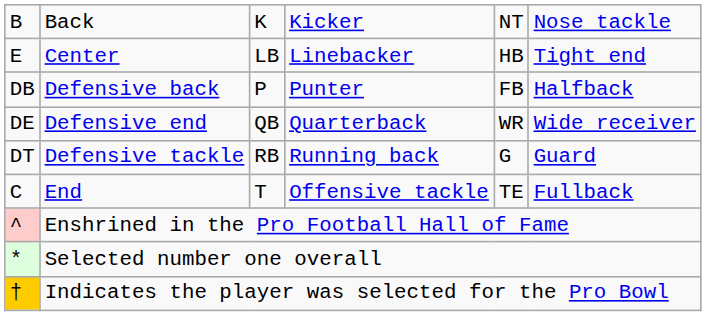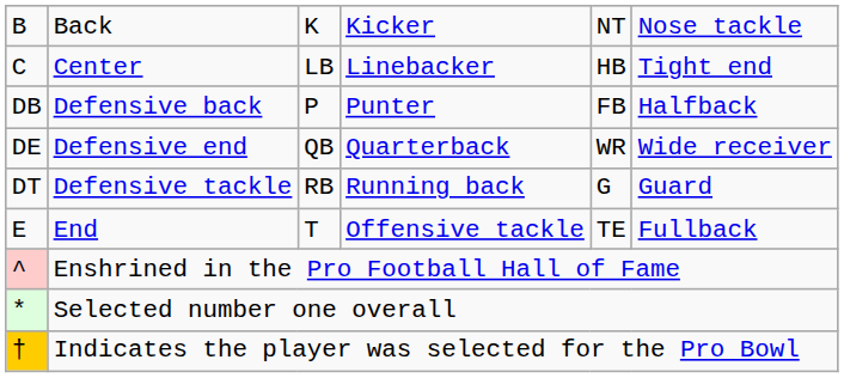 <table class="wikitable">
 <tr>
 <td>B</td>
 <td>Back</td>
 <td>K</td>
 <td><a href='#'>Kicker</a></td>
 <td>NT</td>
 <td><a href='#'>Nose tackle</a></td>
 </tr>
 <tr>
-<td>E</td>
+<td>C</td>
 <td><a href='#'>Center</a></td>
 <td>LB</td>
 <td><a href='#'>Linebacker</a></td>
 <td>HB</td>
 <td><a href='#'>Tight end</a></td>
 </tr>
 <tr>
 <td>DB</td>
 <td><a href='#'>Defensive back</a></td>
 <td>P</td>
 <td><a href='#'>Punter</a></td>
 <td>FB</td>
 <td><a href='#'>Halfback</a></td>
 </tr>
 <tr>
 <td>DE</td>
 <td><a href='#'>Defensive end</a></td>
 <td>QB</td>
 <td><a href='#'>Quarterback</a></td>
 <td>WR</td>
 <td><a href='#'>Wide receiver</a></td>
 </tr>
 <tr>
 <td>DT</td>
 <td><a href='#'>Defensive tackle</a></td>
 <td>RB</td>
 <td><a href='#'>Running back</a></td>
 <td>G</td>
 <td><a href='#'>Guard</a></td>
 </tr>
 <tr>
-<td>C</td>
+<td>E</td>
 <td><a href='#'>End</a></td>
 <td>T</td>
 <td><a href='#'>Offensive tackle</a></td>
 <td>TE</td>
 <td><a href='#'>Fullback</a></td>
 </tr>
 <tr>
 <td style="background:#fcc;">^</td>
 <td colspan="5">Enshrined in the <a href='#'>Pro Football Hall of Fame</a></td>
 </tr>
 <tr>
 <td style="background:#dfd;">*</td>
 <td colspan="5">Selected number one overall</td>
 </tr>
 <tr>
 <td style="background-color:#FFCC00;">†</td>
 <td colspan="5">Indicates the player was selected for the <a href='#'>Pro Bowl</a></td>
 </tr>
 </table>
